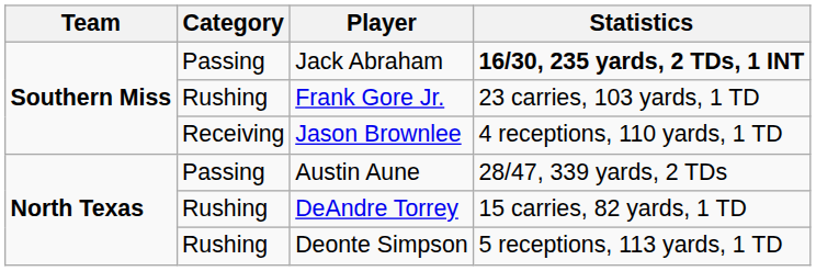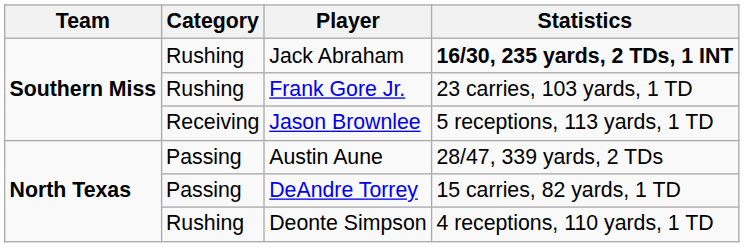 <table class="wikitable" style="float: left;">
 <tr>
 <th>Team</th>
 <th>Category</th>
 <th>Player</th>
 <th>Statistics</th>
 </tr>
 <tr>
 <td rowspan=3><strong>Southern Miss</strong></td>
-<td>Passing</td>
+<td>Rushing</td>
 <td>Jack Abraham</td>
 <td><strong>16/30, 235 yards, 2 TDs, 1 INT</strong></td>
 </tr>
 <tr>
 <td>Rushing</td>
 <td><a href='#'>Frank Gore Jr.</a></td>
 <td>23 carries, 103 yards, 1 TD</td>
 </tr>
 <tr>
 <td>Receiving</td>
 <td><a href='#'>Jason Brownlee</a></td>
-<td>4 receptions, 110 yards, 1 TD</td>
+<td>5 receptions, 113 yards, 1 TD</td>
 </tr>
 <tr>
 <td rowspan=3><strong>North Texas</strong></td>
 <td>Passing</td>
 <td>Austin Aune</td>
 <td>28/47, 339 yards, 2 TDs</td>
 </tr>
 <tr>
-<td>Rushing</td>
+<td>Passing</td>
 <td><a href='#'>DeAndre Torrey</a></td>
 <td>15 carries, 82 yards, 1 TD</td>
 </tr>
 <tr>
 <td>Rushing</td>
 <td>Deonte Simpson</td>
-<td>5 receptions, 113 yards, 1 TD</td>
+<td>4 receptions, 110 yards, 1 TD</td>
 </tr>
 </table>
